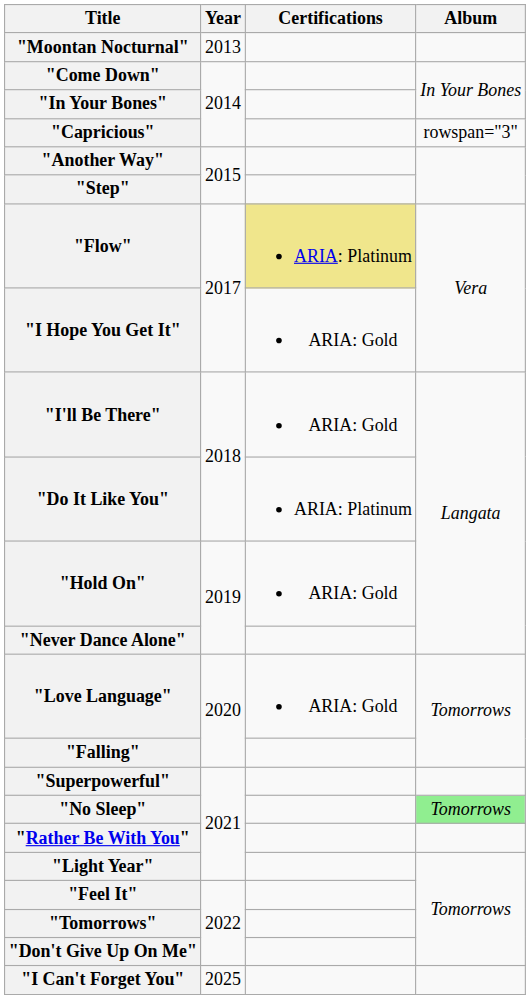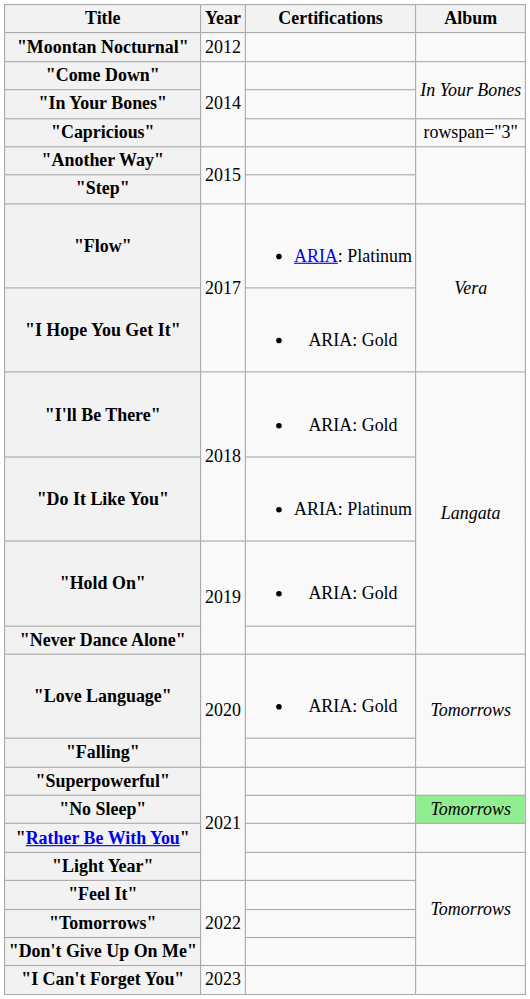 <table class="wikitable plainrowheaders" style="text-align:center;">
 <tr>
 <th scope="col" rowspan="1">Title</th>
 <th scope="col" rowspan="1">Year</th>
 <th scope="col" rowspan="1">Certifications</th>
 <th scope="col" rowspan="1">Album</th>
 </tr>
 <tr>
 <th scope="row">"Moontan Nocturnal"</th>
-<td>2013</td>
+<td>2012</td>
 <td></td>
 <td></td>
 </tr>
 <tr>
 <th scope="row">"Come Down"</th>
 <td rowspan="3">2014</td>
 <td></td>
 <td rowspan="2"><em>In Your Bones</em></td>
 </tr>
 <tr>
 <th scope="row">"In Your Bones"</th>
 <td></td>
 </tr>
 <tr>
 <th scope="row">"Capricious"</th>
 <td></td>
 <td>rowspan="3" </td>
 </tr>
 <tr>
 <th scope="row">"Another Way"</th>
 <td rowspan="2">2015</td>
 <td></td>
 </tr>
 <tr>
 <th scope="row">"Step"</th>
 <td></td>
 </tr>
 <tr>
 <th scope="row">"Flow"</th>
 <td rowspan="2">2017</td>
-<td style="background: khaki;"><br><ul><li><a href='#'>ARIA</a>: Platinum</li></ul></td>
+<td><br><ul><li><a href='#'>ARIA</a>: Platinum</li></ul></td>
 <td rowspan="2"><em>Vera</em></td>
 </tr>
 <tr>
 <th scope="row">"I Hope You Get It"<br></th>
 <td><br><ul><li>ARIA: Gold</li></ul></td>
 </tr>
 <tr>
 <th scope="row">"I'll Be There"</th>
 <td rowspan="2">2018</td>
 <td><br><ul><li>ARIA: Gold</li></ul></td>
 <td rowspan="4"><em>Langata</em></td>
 </tr>
 <tr>
 <th scope="row">"Do It Like You"</th>
 <td><br><ul><li>ARIA: Platinum</li></ul></td>
 </tr>
 <tr>
 <th scope="row">"Hold On"</th>
 <td rowspan="2">2019</td>
 <td><br><ul><li>ARIA: Gold</li></ul></td>
 </tr>
 <tr>
 <th scope="row">"Never Dance Alone"<br></th>
 <td></td>
 </tr>
 <tr>
 <th scope="row">"Love Language"</th>
 <td rowspan="2">2020</td>
 <td><br><ul><li>ARIA: Gold</li></ul></td>
 <td rowspan="2"><em>Tomorrows</em></td>
 </tr>
 <tr>
 <th scope="row">"Falling"</th>
 <td></td>
 </tr>
 <tr>
 <th scope="row">"Superpowerful"<br></th>
 <td rowspan="4">2021</td>
 <td></td>
 <td></td>
 </tr>
 <tr>
 <th scope="row">"No Sleep"</th>
 <td></td>
 <td style="background: lightgreen;"><em>Tomorrows</em></td>
 </tr>
 <tr>
 <th scope="row">"<a href='#'>Rather Be With You</a>"<br></th>
 <td></td>
 <td></td>
 </tr>
 <tr>
 <th scope="row">"Light Year"<br></th>
 <td></td>
 <td rowspan="4"><em>Tomorrows</em></td>
 </tr>
 <tr>
 <th scope="row">"Feel It"</th>
 <td rowspan="3">2022</td>
 <td></td>
 </tr>
 <tr>
 <th scope="row">"Tomorrows"</th>
 <td></td>
 </tr>
 <tr>
 <th scope="row">"Don't Give Up On Me"</th>
 <td></td>
 </tr>
 <tr>
 <th scope="row">"I Can't Forget You"</th>
-<td>2025</td>
+<td>2023</td>
 <td></td>
 <td></td>
 </tr>
 <tr>
 </tr>
 </table>
